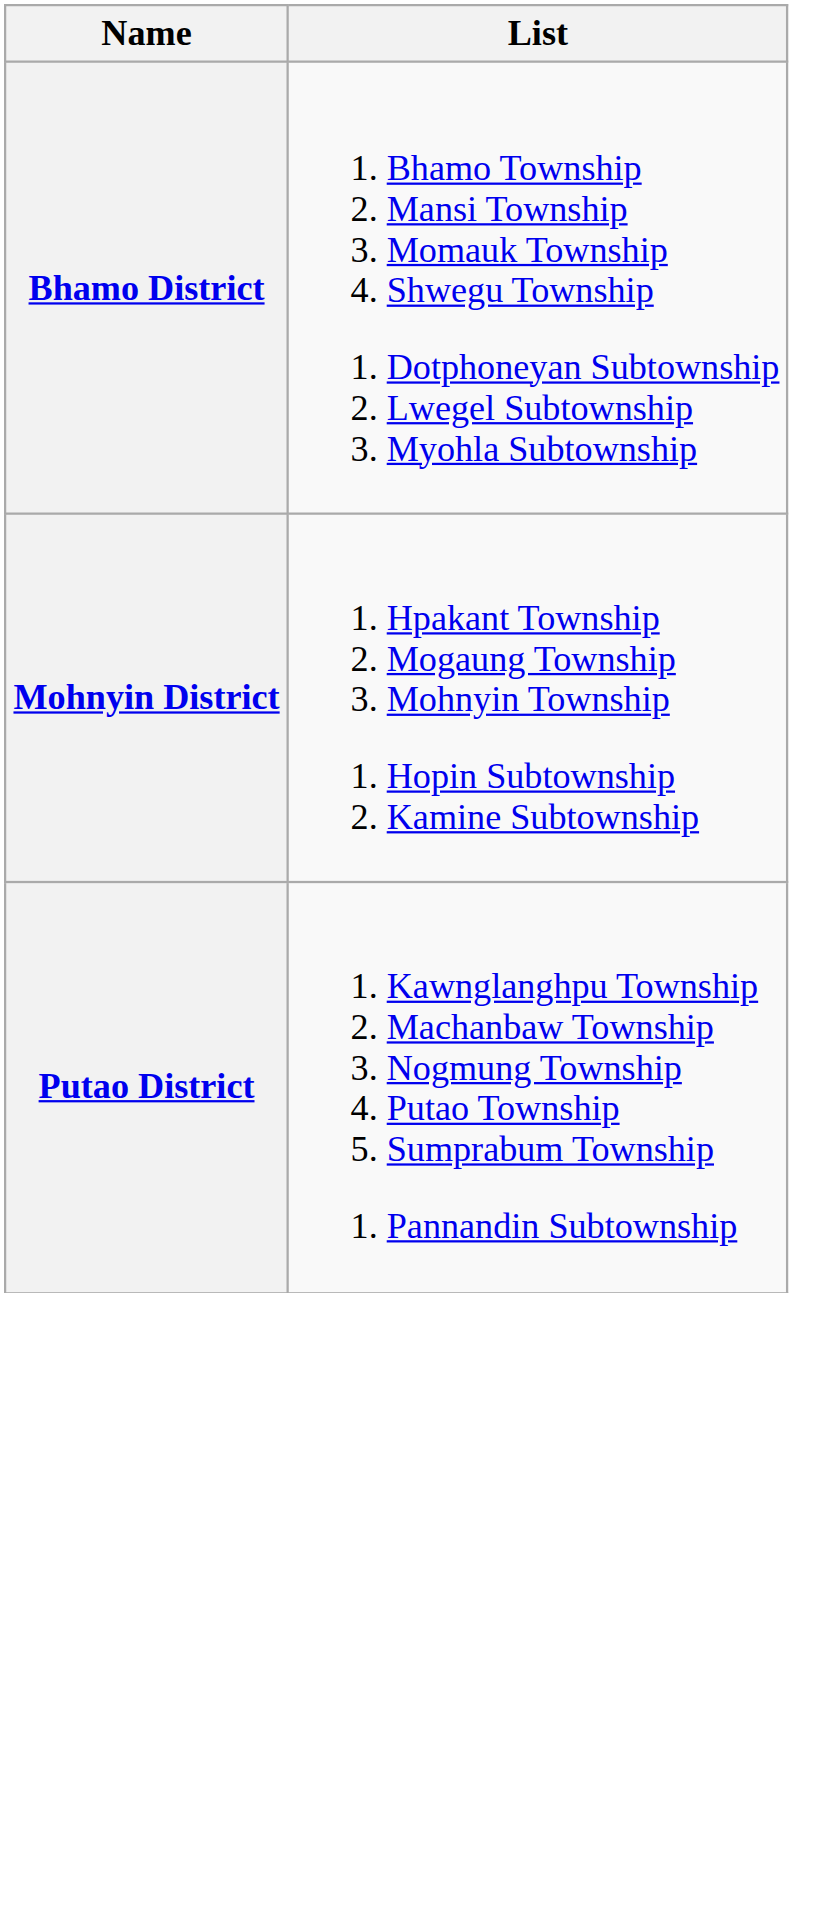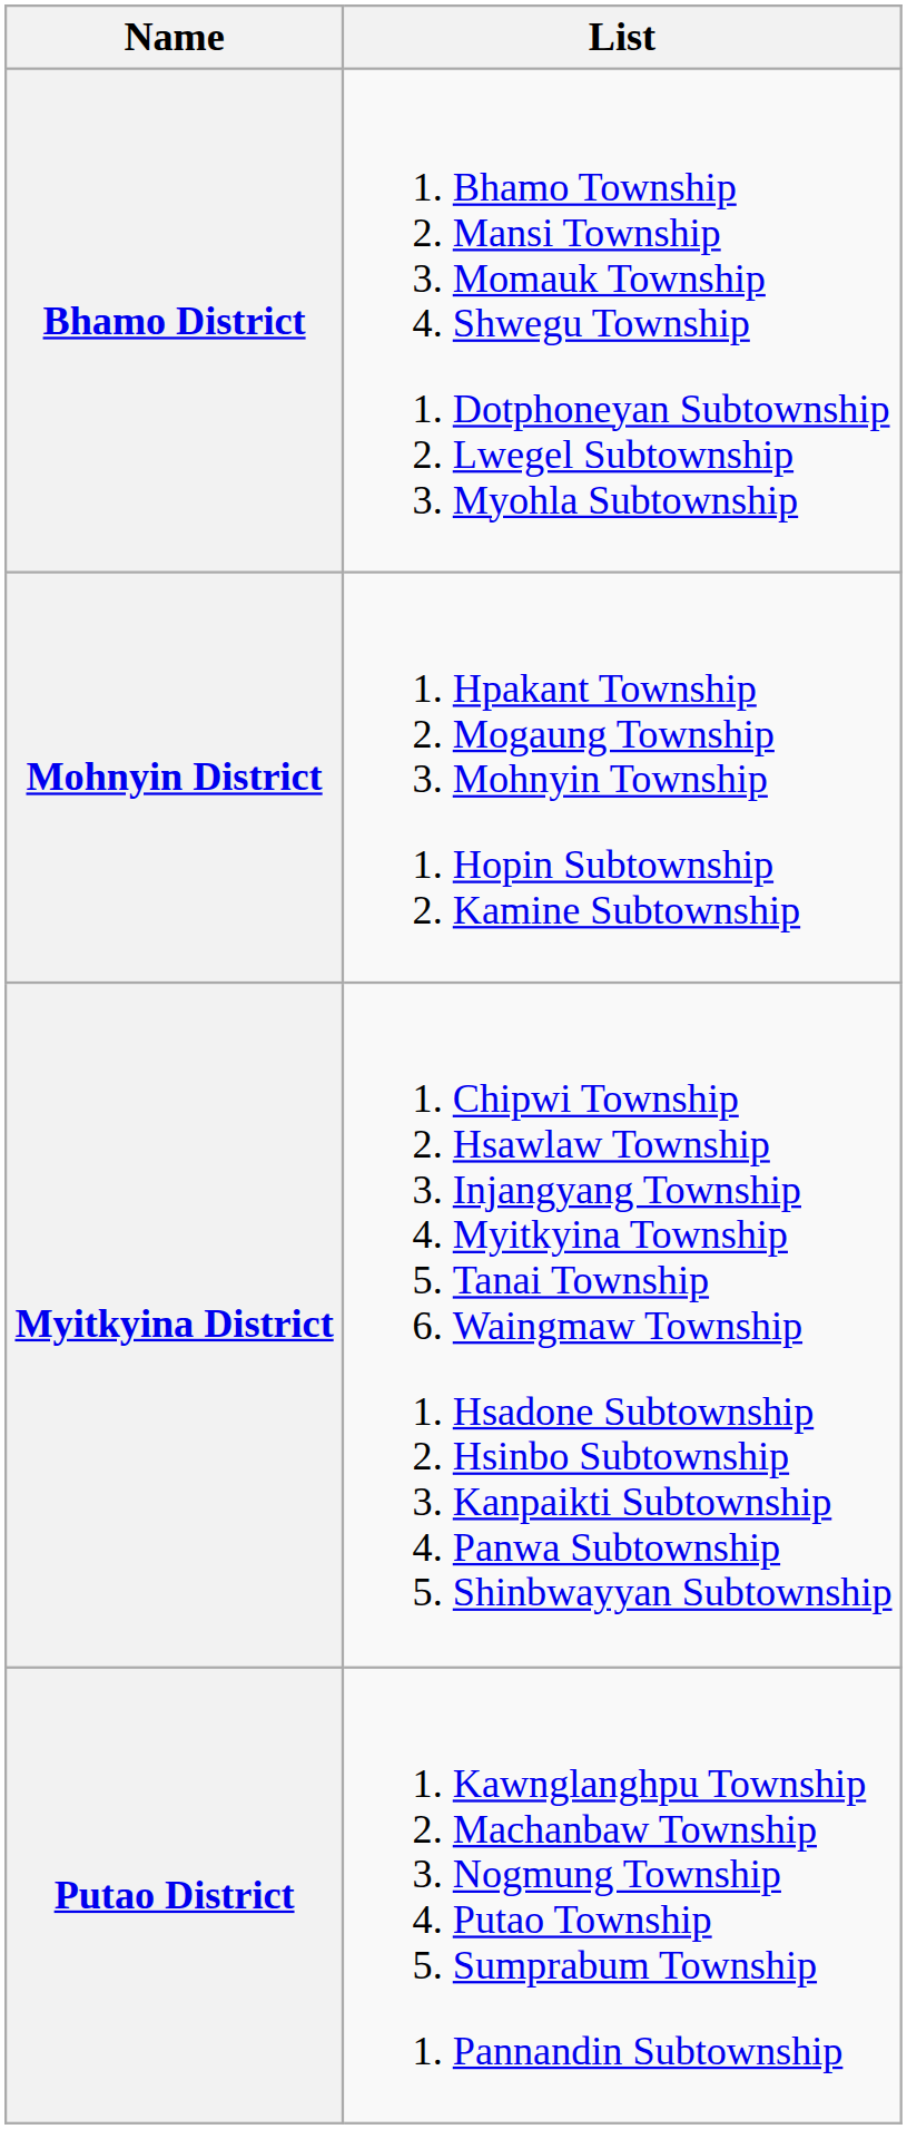 <table class=wikitable>
 <tr>
 <th>Name</th>
 <th>List</th>
 </tr>
 <tr>
 <th><a href='#'>Bhamo District</a></th>
 <td><br> <ol><li><a href='#'>Bhamo Township</a></li><li><a href='#'>Mansi Township</a></li><li><a href='#'>Momauk Township</a></li><li><a href='#'>Shwegu Township</a></li></ol><ol><li><a href='#'>Dotphoneyan Subtownship</a></li><li><a href='#'>Lwegel Subtownship</a></li><li><a href='#'>Myohla Subtownship</a></li></ol></td>
 </tr>
 <tr>
 <th><a href='#'>Mohnyin District</a></th>
 <td><br> <ol><li><a href='#'>Hpakant Township</a></li><li><a href='#'>Mogaung Township</a></li><li><a href='#'>Mohnyin Township</a></li></ol><ol><li><a href='#'>Hopin Subtownship</a></li><li><a href='#'>Kamine Subtownship</a></li></ol></td>
 </tr>
 <tr>
+<th><a href='#'>Myitkyina District</a></th>
+<td><br> <ol><li><a href='#'>Chipwi Township</a></li><li><a href='#'>Hsawlaw Township</a></li><li><a href='#'>Injangyang Township</a></li><li><a href='#'>Myitkyina Township</a></li><li><a href='#'>Tanai Township</a></li><li><a href='#'>Waingmaw Township</a></li></ol><ol><li><a href='#'>Hsadone Subtownship</a></li><li><a href='#'>Hsinbo Subtownship</a></li><li><a href='#'>Kanpaikti Subtownship</a></li><li><a href='#'>Panwa Subtownship</a></li><li><a href='#'>Shinbwayyan Subtownship</a></li></ol></td>
+</tr>
+<tr>
 <th><a href='#'>Putao District</a></th>
 <td><br> <ol><li><a href='#'>Kawnglanghpu Township</a></li><li><a href='#'>Machanbaw Township</a></li><li><a href='#'>Nogmung Township</a></li><li><a href='#'>Putao Township</a></li><li><a href='#'>Sumprabum Township</a></li></ol><ol><li><a href='#'>Pannandin Subtownship</a></li></ol></td>
 </tr>
 </table>
